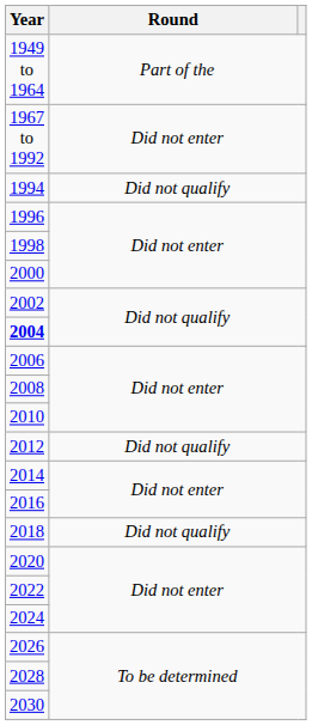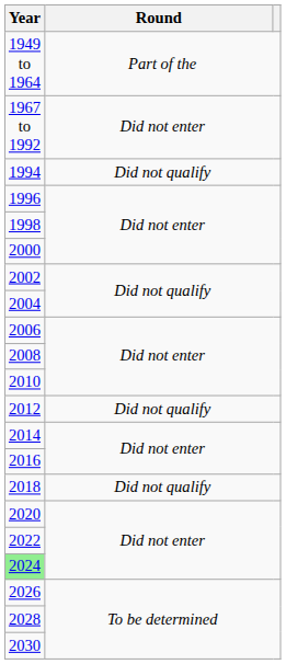 <table class="wikitable" style="text-align: center; font-size:90%">
 <tr>
 <th>Year</th>
 <th style="width:200px">Round</th>
 <th></th>
 </tr>
 <tr>
 <td><a href='#'>1949</a><br>to<br><a href='#'>1964</a></td>
 <td colspan="2"><em>Part of the </em></td>
 </tr>
 <tr>
 <td><a href='#'>1967</a><br>to<br><a href='#'>1992</a></td>
 <td colspan="2"><em>Did not enter</em></td>
 </tr>
 <tr>
 <td><a href='#'>1994</a></td>
 <td colspan="2"><em>Did not qualify</em></td>
 </tr>
 <tr>
 <td><a href='#'>1996</a></td>
 <td colspan="2" rowspan="3"><em>Did not enter</em></td>
 </tr>
 <tr>
 <td><a href='#'>1998</a></td>
 </tr>
 <tr>
 <td><a href='#'>2000</a></td>
 </tr>
 <tr>
 <td><a href='#'>2002</a></td>
 <td colspan="2" rowspan="2"><em>Did not qualify</em></td>
 </tr>
 <tr>
-<td><strong><a href='#'>2004</a></strong></td>
+<td><a href='#'>2004</a></td>
 </tr>
 <tr>
 <td><a href='#'>2006</a></td>
 <td colspan="2" rowspan="3"><em>Did not enter</em></td>
 </tr>
 <tr>
 <td><a href='#'>2008</a></td>
 </tr>
 <tr>
 <td><a href='#'>2010</a></td>
 </tr>
 <tr>
 <td><a href='#'>2012</a></td>
 <td colspan="2"><em>Did not qualify</em></td>
 </tr>
 <tr>
 <td><a href='#'>2014</a></td>
 <td colspan="2" rowspan="2"><em>Did not enter</em></td>
 </tr>
 <tr>
 <td><a href='#'>2016</a></td>
 </tr>
 <tr>
 <td><a href='#'>2018</a></td>
 <td colspan="2"><em>Did not qualify</em></td>
 </tr>
 <tr>
 <td><a href='#'>2020</a></td>
 <td colspan="2" rowspan="3"><em>Did not enter</em></td>
 </tr>
 <tr>
 <td><a href='#'>2022</a></td>
 </tr>
 <tr>
-<td><a href='#'>2024</a></td>
+<td style="background: lightgreen;"><a href='#'>2024</a></td>
 </tr>
 <tr>
 <td><a href='#'>2026</a></td>
 <td colspan="2" rowspan="3"><em>To be determined</em></td>
 </tr>
 <tr>
 <td><a href='#'>2028</a></td>
 </tr>
 <tr>
 <td><a href='#'>2030</a></td>
 </tr>
 </table>
